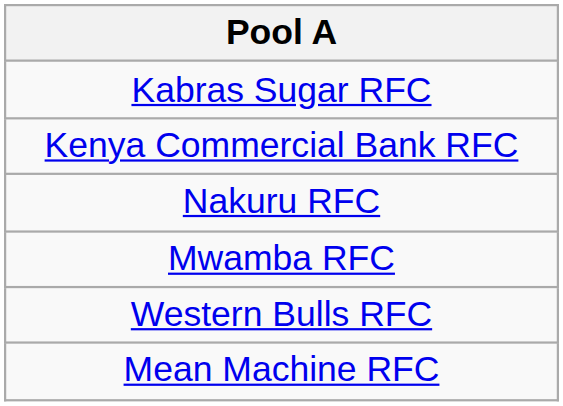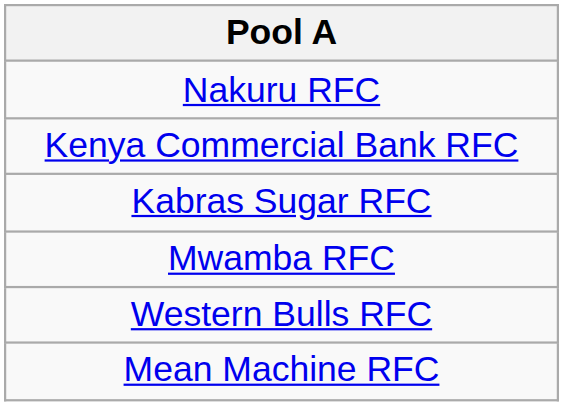 <table class="wikitable" width="250" style="text-align: center;">
 <tr>
 <th>Pool A</th>
 </tr>
 <tr>
-<td><a href='#'>Kabras Sugar RFC</a></td>
+<td><a href='#'>Nakuru RFC</a></td>
 </tr>
 <tr>
 <td><a href='#'>Kenya Commercial Bank RFC</a></td>
 </tr>
 <tr>
-<td><a href='#'>Nakuru RFC</a></td>
+<td><a href='#'>Kabras Sugar RFC</a></td>
 </tr>
 <tr>
 <td><a href='#'>Mwamba RFC</a></td>
 </tr>
 <tr>
 <td><a href='#'>Western Bulls RFC</a></td>
 </tr>
 <tr>
 <td><a href='#'>Mean Machine RFC</a></td>
 </tr>
 </table>
